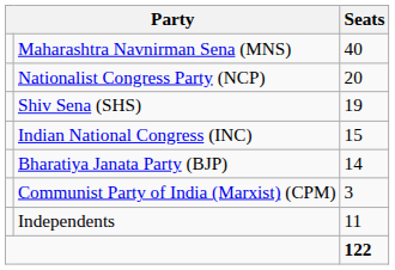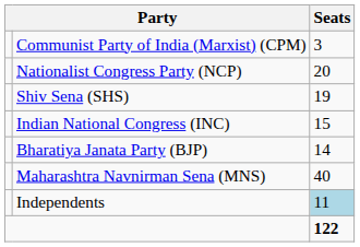 <table class="wikitable">
 <tr>
 <th colspan="2">Party</th>
 <th>Seats</th>
 </tr>
 <tr>
 <td style="background-color: "></td>
-<td><a href='#'>Maharashtra Navnirman Sena</a> (MNS)</td>
-<td>40</td>
+<td><a href='#'>Communist Party of India (Marxist)</a> (CPM)</td>
+<td>3</td>
 </tr>
 <tr>
 <td style="background-color: "></td>
 <td><a href='#'>Nationalist Congress Party</a> (NCP)</td>
 <td>20</td>
 </tr>
 <tr>
 <td style="background-color: "></td>
 <td><a href='#'>Shiv Sena</a> (SHS)</td>
 <td>19</td>
 </tr>
 <tr>
 <td style="background-color: "></td>
 <td><a href='#'>Indian National Congress</a> (INC)</td>
 <td>15</td>
 </tr>
 <tr>
 <td style="background-color: "></td>
 <td><a href='#'>Bharatiya Janata Party</a> (BJP)</td>
 <td>14</td>
 </tr>
 <tr>
 <td style="background-color: "></td>
-<td><a href='#'>Communist Party of India (Marxist)</a> (CPM)</td>
-<td>3</td>
+<td><a href='#'>Maharashtra Navnirman Sena</a> (MNS)</td>
+<td>40</td>
 </tr>
 <tr>
 <td style="background-color: "></td>
 <td>Independents</td>
-<td>11</td>
+<td style="background: lightblue;">11</td>
 </tr>
 <tr>
 <td colspan="2"></td>
 <td><strong>122</strong></td>
 </tr>
 </table>
